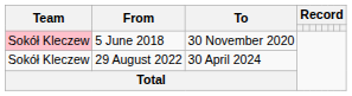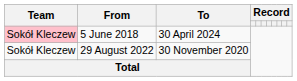 <table class="wikitable" style="text-align: center;">
 <tr>
 <th rowspan="2">Team</th>
 <th rowspan="2">From</th>
 <th rowspan="2">To</th>
 <th colspan="8">Record</th>
 </tr>
 <tr>
 <th></th>
 <th></th>
 <th></th>
 <th></th>
 <th></th>
 <th></th>
 <th></th>
 <th></th>
 </tr>
 <tr>
 <td align=left style="background: pink;">Sokół Kleczew</td>
 <td align=left>5 June 2018</td>
-<td align=left>30 November 2020<br></td>
+<td align=left>30 April 2024<br></td>
 </tr>
 <tr>
 <td align=left>Sokół Kleczew</td>
 <td align=left>29 August 2022</td>
-<td align=left>30 April 2024<br></td>
+<td align=left>30 November 2020<br></td>
 </tr>
 <tr>
 <th colspan="3">Total<br></th>
 </tr>
 </table>
